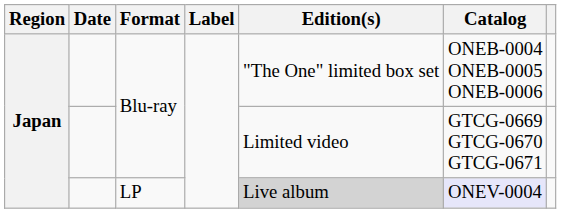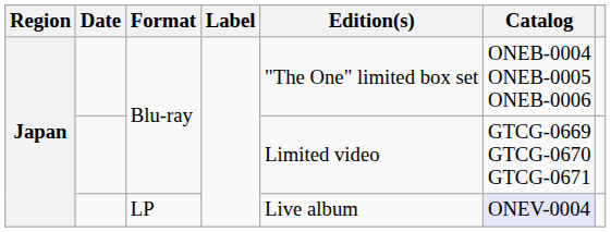 <table class="wikitable plainrowheaders">
 <tr>
 <th scope="col">Region</th>
 <th scope="col">Date</th>
 <th scope="col">Format</th>
 <th scope="col">Label</th>
 <th scope="col">Edition(s)</th>
 <th scope="col">Catalog</th>
 <th scope="col"></th>
 </tr>
 <tr>
 <th scope="row" rowspan="3">Japan</th>
 <td></td>
 <td rowspan="2">Blu-ray</td>
 <td rowspan="3"></td>
 <td>"The One" limited box set</td>
 <td>ONEB-0004<br>ONEB-0005<br>ONEB-0006</td>
 <td></td>
 </tr>
 <tr>
 <td></td>
 <td>Limited video</td>
 <td>GTCG-0669<br>GTCG-0670<br>GTCG-0671</td>
 <td></td>
 </tr>
 <tr>
 <td></td>
 <td>LP</td>
-<td style="background: lightgrey;">Live album</td>
+<td>Live album</td>
 <td style="background: lavender;">ONEV-0004</td>
 <td></td>
 </tr>
 </table>
